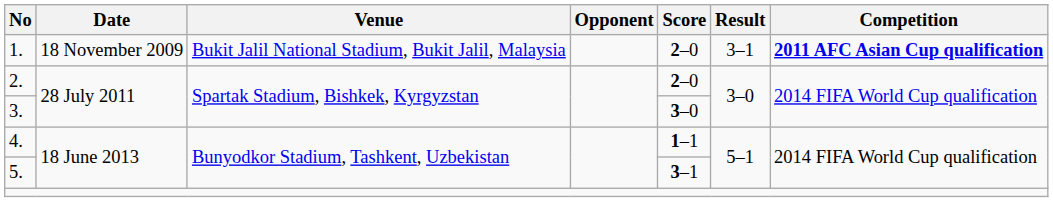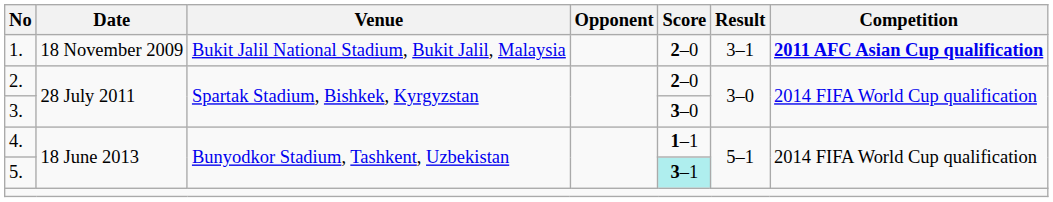 <table class="wikitable" style="font-size:85%;">
 <tr>
 <th>No</th>
 <th>Date</th>
 <th>Venue</th>
 <th>Opponent</th>
 <th>Score</th>
 <th>Result</th>
 <th>Competition</th>
 </tr>
 <tr>
 <td>1.</td>
 <td>18 November 2009</td>
 <td><a href='#'>Bukit Jalil National Stadium</a>, <a href='#'>Bukit Jalil</a>, <a href='#'>Malaysia</a></td>
 <td></td>
 <td align=center><strong>2</strong>–0</td>
 <td align=center>3–1</td>
 <td><strong><a href='#'>2011 AFC Asian Cup qualification</a></strong></td>
 </tr>
 <tr>
 <td>2.</td>
 <td rowspan="2">28 July 2011</td>
 <td rowspan="2"><a href='#'>Spartak Stadium</a>, <a href='#'>Bishkek</a>, <a href='#'>Kyrgyzstan</a></td>
 <td rowspan="2"></td>
 <td align=center><strong>2</strong>–0</td>
 <td rowspan="2" align=center>3–0</td>
 <td rowspan="2"><a href='#'>2014 FIFA World Cup qualification</a></td>
 </tr>
 <tr>
 <td>3.</td>
 <td align=center><strong>3</strong>–0</td>
 </tr>
 <tr>
 <td>4.</td>
 <td rowspan="2">18 June 2013</td>
 <td rowspan="2"><a href='#'>Bunyodkor Stadium</a>, <a href='#'>Tashkent</a>, <a href='#'>Uzbekistan</a></td>
 <td rowspan="2"></td>
 <td align=center><strong>1</strong>–1</td>
 <td rowspan="2" align=center>5–1</td>
 <td rowspan="2">2014 FIFA World Cup qualification</td>
 </tr>
 <tr>
 <td>5.</td>
-<td align=center><strong>3</strong>–1</td>
+<td align=center style="background: paleturquoise;"><strong>3</strong>–1</td>
 </tr>
 <tr>
 <td colspan="7"></td>
 </tr>
 </table>
